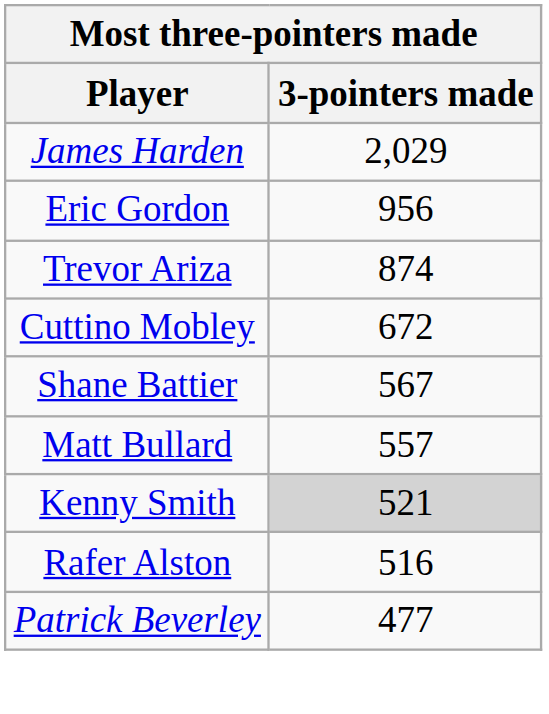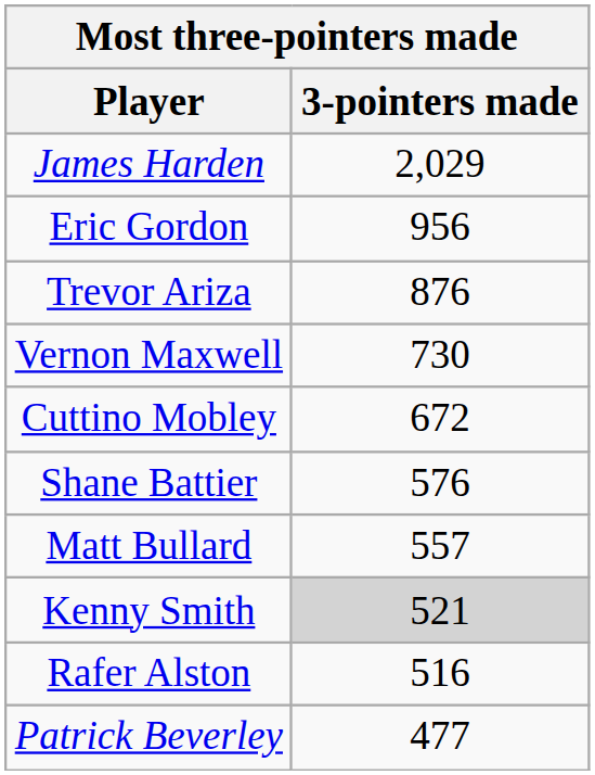 <table class="wikitable sortable" style="text-align:center">
 <tr>
 <th colspan="2" style="text-align:center; ">Most three-pointers made</th>
 </tr>
 <tr>
 <th style="text-align:center; ">Player</th>
 <th style="text-align:center; ">3-pointers made</th>
 </tr>
 <tr>
 <td><em><a href='#'>James Harden</a></em></td>
 <td>2,029</td>
 </tr>
 <tr>
 <td><a href='#'>Eric Gordon</a></td>
 <td>956</td>
 </tr>
 <tr>
 <td><a href='#'>Trevor Ariza</a></td>
-<td>874</td>
+<td>876</td>
+</tr>
+<tr>
+<td><a href='#'>Vernon Maxwell</a></td>
+<td>730</td>
 </tr>
 <tr>
 <td><a href='#'>Cuttino Mobley</a></td>
 <td>672</td>
 </tr>
 <tr>
 <td><a href='#'>Shane Battier</a></td>
-<td>567</td>
+<td>576</td>
 </tr>
 <tr>
 <td><a href='#'>Matt Bullard</a></td>
 <td>557</td>
 </tr>
 <tr>
 <td><a href='#'>Kenny Smith</a></td>
 <td style="background: lightgrey;">521</td>
 </tr>
 <tr>
 <td><a href='#'>Rafer Alston</a></td>
 <td>516</td>
 </tr>
 <tr>
 <td><em><a href='#'>Patrick Beverley</a></em></td>
 <td>477</td>
 </tr>
 </table>
